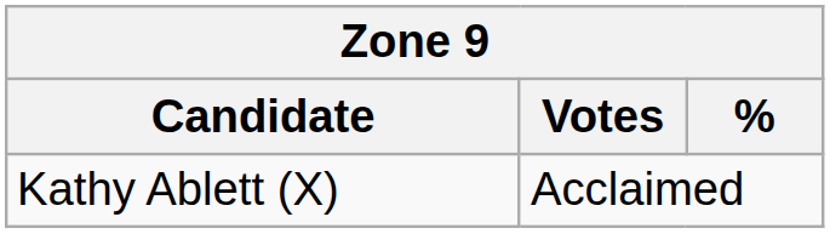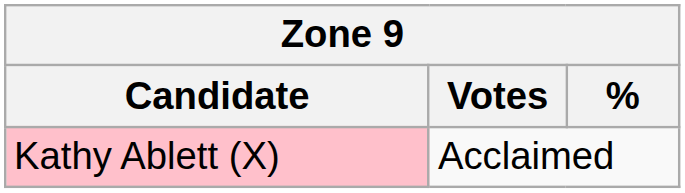 <table class="wikitable">
 <tr>
 <th colspan="3">Zone 9</th>
 </tr>
 <tr>
 <th style="width: 170px">Candidate</th>
 <th style="width: 50px">Votes</th>
 <th style="width: 40px">%</th>
 </tr>
 <tr>
-<td>Kathy Ablett (X)</td>
+<td style="background: pink;">Kathy Ablett (X)</td>
 <td colspan="2">Acclaimed</td>
 </tr>
 </table>
